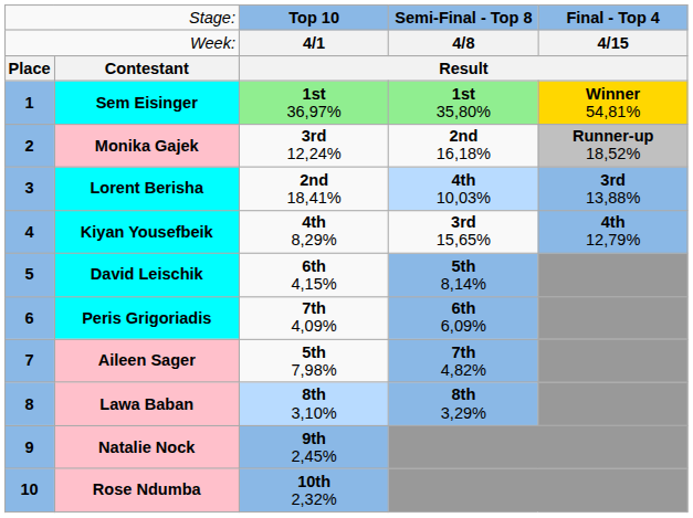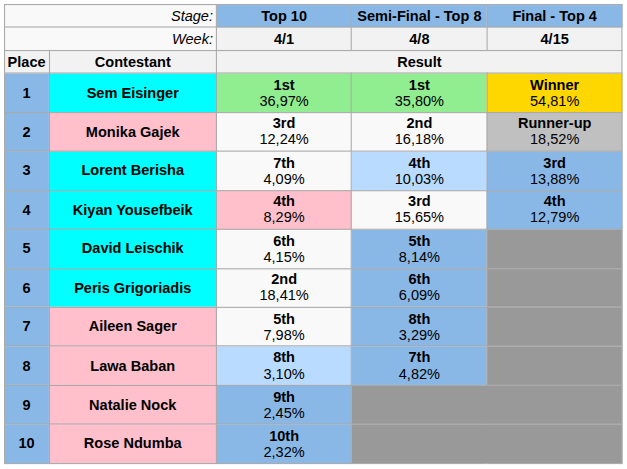 <table class="wikitable" style="margin:1em auto; text-align:center; font-size:85%">
 <tr>
 <td colspan="2" style="text-align:right;"><em>Stage:</em></td>
 <td style="background:#8ab8e6;"><strong>Top 10</strong></td>
 <td style="background:#8ab8e6;"><strong>Semi-Final - Top 8</strong></td>
 <td colspan="2" style="background:#8ab8e6;"><strong>Final - Top 4</strong></td>
 </tr>
 <tr>
 <td colspan="2" style="text-align:right;"><em>Week:</em></td>
 <th style="width:120px;">4/1</th>
 <th style="width:120px;">4/8</th>
 <th colspan="2" style="width:120px;">4/15</th>
 </tr>
 <tr>
 <th style="width:35px;">Place</th>
 <th style="width:150px;">Contestant</th>
 <th colspan="7">Result</th>
 </tr>
 <tr>
 <td style="background:#8ab8e6;"><strong>1</strong></td>
 <td style="background:cyan;"><strong>Sem Eisinger</strong></td>
 <td style="background:lightgreen;"><strong>1st</strong><br>36,97%</td>
 <td style="background:lightgreen;"><strong>1st</strong><br>35,80%</td>
 <td style="background:gold;"><strong>Winner</strong><br>54,81%</td>
 </tr>
 <tr>
 <td style="background:#8ab8e6;"><strong>2</strong></td>
 <td style="background:pink;"><strong>Monika Gajek</strong></td>
 <td><strong>3rd</strong><br>12,24%</td>
 <td><strong>2nd</strong><br>16,18%</td>
 <td style="background:silver;"><strong>Runner-up</strong><br>18,52%</td>
 </tr>
 <tr>
 <td style="background:#8ab8e6;"><strong>3</strong></td>
 <td style="background:cyan;"><strong>Lorent Berisha</strong></td>
-<td><strong>2nd</strong><br>18,41%</td>
+<td><strong>7th</strong><br>4,09%</td>
 <td style="background:#b8dbff;"><strong>4th</strong><br>10,03%</td>
 <td style="background:#8ab8e6;"><strong>3rd</strong><br>13,88%</td>
 </tr>
 <tr>
 <td style="background:#8ab8e6;"><strong>4</strong></td>
 <td style="background:cyan;"><strong>Kiyan Yousefbeik</strong></td>
-<td><strong>4th</strong><br>8,29%</td>
+<td style="background: pink;"><strong>4th</strong><br>8,29%</td>
 <td><strong>3rd</strong><br>15,65%</td>
 <td style="background:#8ab8e6;"><strong>4th</strong><br>12,79%</td>
 </tr>
 <tr>
 <td style="background:#8ab8e6;"><strong>5</strong></td>
 <td style="background:cyan;"><strong>David Leischik</strong></td>
 <td><strong>6th</strong><br>4,15%</td>
 <td style="background:#8ab8e6;"><strong>5th</strong><br>8,14%</td>
 <td style="background:#999999;" colspan=4></td>
 </tr>
 <tr>
 <td style="background:#8ab8e6;"><strong>6</strong></td>
 <td style="background:cyan;"><strong>Peris Grigoriadis</strong></td>
-<td><strong>7th</strong><br>4,09%</td>
+<td><strong>2nd</strong><br>18,41%</td>
 <td style="background:#8ab8e6;"><strong>6th</strong><br>6,09%</td>
 <td style="background:#999999;" colspan=4></td>
 </tr>
 <tr>
 <td style="background:#8ab8e6;"><strong>7</strong></td>
 <td style="background:pink;"><strong>Aileen Sager</strong></td>
 <td><strong>5th</strong><br>7,98%</td>
-<td style="background:#8ab8e6;"><strong>7th</strong><br>4,82%</td>
+<td style="background:#8ab8e6;"><strong>8th</strong><br>3,29%</td>
 <td style="background:#999999;" colspan=4></td>
 </tr>
 <tr>
 <td style="background:#8ab8e6;"><strong>8</strong></td>
 <td style="background:pink;"><strong>Lawa Baban</strong></td>
 <td style="background:#b8dbff;"><strong>8th</strong><br>3,10%</td>
-<td style="background:#8ab8e6;"><strong>8th</strong><br>3,29%</td>
+<td style="background:#8ab8e6;"><strong>7th</strong><br>4,82%</td>
 <td style="background:#999999;" colspan=4></td>
 </tr>
 <tr>
 <td style="background:#8ab8e6;"><strong>9</strong></td>
 <td style="background:pink;"><strong>Natalie Nock</strong></td>
 <td style="background:#8ab8e6;"><strong>9th</strong><br>2,45%</td>
 <td style="background:#999999;" colspan=2></td>
 </tr>
 <tr>
 <td style="background:#8ab8e6;"><strong>10</strong></td>
 <td style="background:pink;"><strong>Rose Ndumba</strong></td>
 <td style="background:#8ab8e6;"><strong>10th</strong><br>2,32%</td>
 <td style="background:#999999;" colspan=2></td>
 </tr>
 </table>
